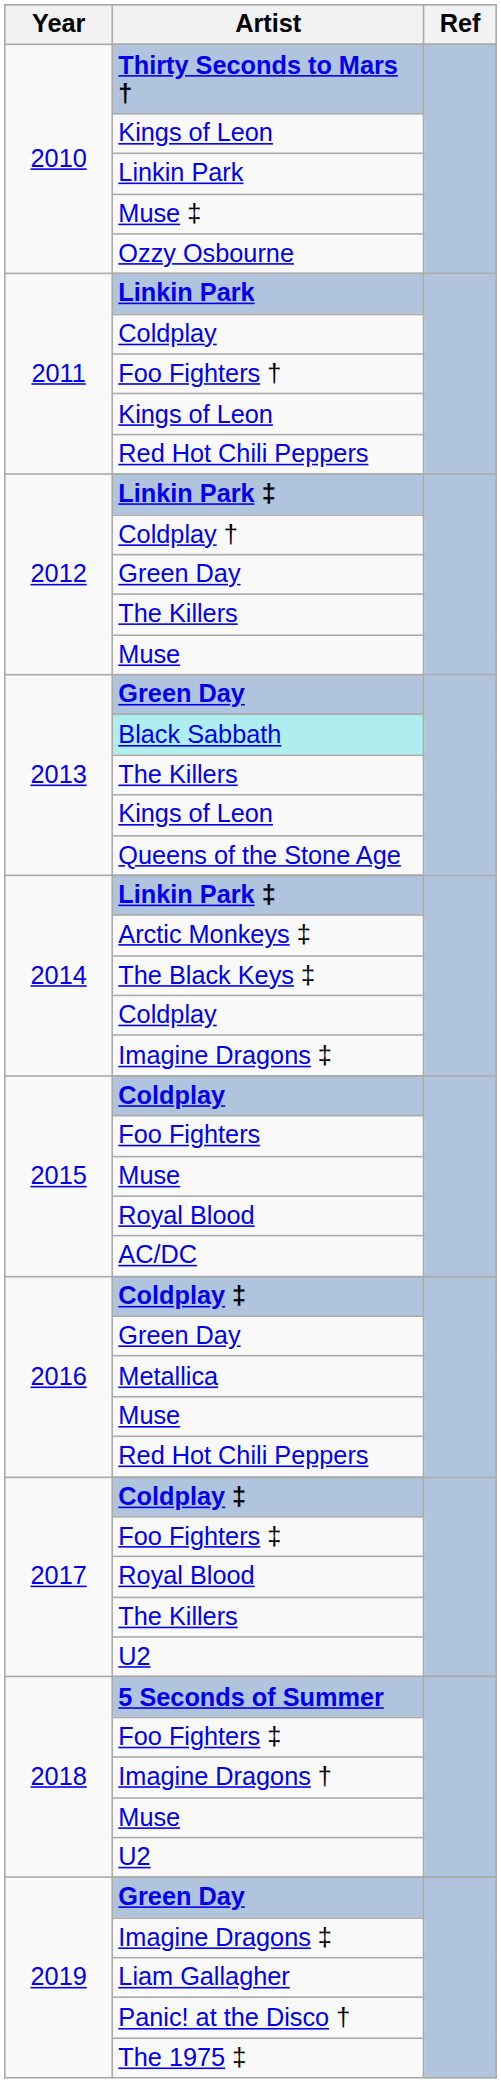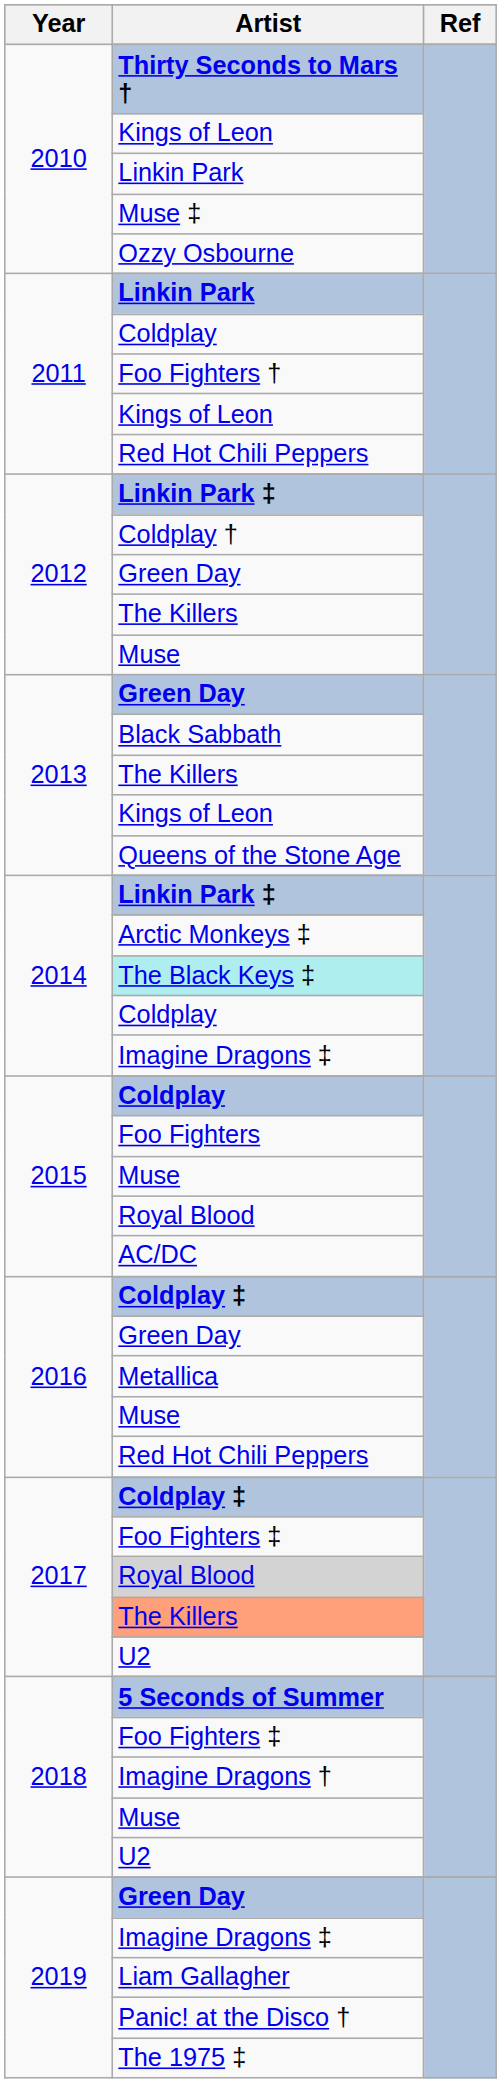 <table class="wikitable" style="width:50%">
 <tr style="background:#bebebe;">
 <th style="width:10%;">Year</th>
 <th style="width:35%;">Artist</th>
 <th style="width:5%;">Ref</th>
 </tr>
 <tr>
 <td rowspan="6" align="center"><a href='#'>2010</a></td>
 </tr>
 <tr style="background:#B0C4DE">
 <td><strong><a href='#'>Thirty Seconds to Mars</a> †</strong></td>
 <td rowspan="6" align="center"></td>
 </tr>
 <tr>
 <td><a href='#'>Kings of Leon</a></td>
 </tr>
 <tr>
 <td><a href='#'>Linkin Park</a></td>
 </tr>
 <tr>
 <td><a href='#'>Muse</a> ‡</td>
 </tr>
 <tr>
 <td><a href='#'>Ozzy Osbourne</a></td>
 </tr>
 <tr>
 <td rowspan="6" align="center"><a href='#'>2011</a></td>
 </tr>
 <tr style="background:#B0C4DE">
 <td><strong><a href='#'>Linkin Park</a></strong></td>
 <td rowspan="6" align="center"></td>
 </tr>
 <tr>
 <td><a href='#'>Coldplay</a></td>
 </tr>
 <tr>
 <td><a href='#'>Foo Fighters</a> †</td>
 </tr>
 <tr>
 <td><a href='#'>Kings of Leon</a></td>
 </tr>
 <tr>
 <td><a href='#'>Red Hot Chili Peppers</a></td>
 </tr>
 <tr>
 <td rowspan="6" align="center"><a href='#'>2012</a></td>
 </tr>
 <tr style="background:#B0C4DE">
 <td><strong><a href='#'>Linkin Park</a> ‡</strong></td>
 <td rowspan="6" align="center"></td>
 </tr>
 <tr>
 <td><a href='#'>Coldplay</a> †</td>
 </tr>
 <tr>
 <td><a href='#'>Green Day</a></td>
 </tr>
 <tr>
 <td><a href='#'>The Killers</a></td>
 </tr>
 <tr>
 <td><a href='#'>Muse</a></td>
 </tr>
 <tr>
 <td rowspan="6" align="center"><a href='#'>2013</a></td>
 </tr>
 <tr style="background:#B0C4DE">
 <td><strong><a href='#'>Green Day</a></strong></td>
 <td rowspan="6" align="center"></td>
 </tr>
 <tr>
-<td style="background: paleturquoise;"><a href='#'>Black Sabbath</a></td>
+<td><a href='#'>Black Sabbath</a></td>
 </tr>
 <tr>
 <td><a href='#'>The Killers</a></td>
 </tr>
 <tr>
 <td><a href='#'>Kings of Leon</a></td>
 </tr>
 <tr>
 <td><a href='#'>Queens of the Stone Age</a></td>
 </tr>
 <tr>
 <td rowspan="6" align="center"><a href='#'>2014</a></td>
 </tr>
 <tr style="background:#B0C4DE">
 <td><strong><a href='#'>Linkin Park</a> ‡</strong></td>
 <td rowspan="6" align="center"></td>
 </tr>
 <tr>
 <td><a href='#'>Arctic Monkeys</a> ‡</td>
 </tr>
 <tr>
-<td><a href='#'>The Black Keys</a> ‡</td>
+<td style="background: paleturquoise;"><a href='#'>The Black Keys</a> ‡</td>
 </tr>
 <tr>
 <td><a href='#'>Coldplay</a></td>
 </tr>
 <tr>
 <td><a href='#'>Imagine Dragons</a> ‡</td>
 </tr>
 <tr>
 <td rowspan="6" align="center"><a href='#'>2015</a></td>
 </tr>
 <tr style="background:#B0C4DE">
 <td><strong><a href='#'>Coldplay</a></strong></td>
 <td rowspan="5" align="center"></td>
 </tr>
 <tr>
 <td><a href='#'>Foo Fighters</a></td>
 </tr>
 <tr>
 <td><a href='#'>Muse</a></td>
 </tr>
 <tr>
 <td><a href='#'>Royal Blood</a></td>
 </tr>
 <tr>
 <td><a href='#'>AC/DC</a></td>
 </tr>
 <tr>
 <td rowspan="6" align="center"><a href='#'>2016</a></td>
 </tr>
 <tr style="background:#B0C4DE">
 <td><strong><a href='#'>Coldplay</a> ‡</strong></td>
 <td rowspan="6" align="center"></td>
 </tr>
 <tr>
 <td><a href='#'>Green Day</a></td>
 </tr>
 <tr>
 <td><a href='#'>Metallica</a></td>
 </tr>
 <tr>
 <td><a href='#'>Muse</a></td>
 </tr>
 <tr>
 <td><a href='#'>Red Hot Chili Peppers</a></td>
 </tr>
 <tr>
 <td rowspan="6" align="center"><a href='#'>2017</a></td>
 </tr>
 <tr style="background:#B0C4DE">
 <td><strong><a href='#'>Coldplay</a> ‡</strong></td>
 <td rowspan="5" align="center"></td>
 </tr>
 <tr>
 <td><a href='#'>Foo Fighters</a> ‡</td>
 </tr>
 <tr>
-<td><a href='#'>Royal Blood</a></td>
+<td style="background: lightgrey;"><a href='#'>Royal Blood</a></td>
 </tr>
 <tr>
-<td><a href='#'>The Killers</a></td>
+<td style="background: lightsalmon;"><a href='#'>The Killers</a></td>
 </tr>
 <tr>
 <td><a href='#'>U2</a></td>
 </tr>
 <tr>
 <td rowspan="6" align="center"><a href='#'>2018</a></td>
 </tr>
 <tr style="background:#B0C4DE">
 <td><strong><a href='#'>5 Seconds of Summer</a></strong></td>
 <td rowspan="5" align="center"></td>
 </tr>
 <tr>
 <td><a href='#'>Foo Fighters</a> ‡</td>
 </tr>
 <tr>
 <td><a href='#'>Imagine Dragons</a> †</td>
 </tr>
 <tr>
 <td><a href='#'>Muse</a></td>
 </tr>
 <tr>
 <td><a href='#'>U2</a></td>
 </tr>
 <tr>
 <td rowspan="6" align="center"><a href='#'>2019</a></td>
 </tr>
 <tr style="background:#B0C4DE">
 <td><strong><a href='#'>Green Day</a></strong></td>
 <td rowspan="5" align="center"></td>
 </tr>
 <tr>
 <td><a href='#'>Imagine Dragons</a> ‡</td>
 </tr>
 <tr>
 <td><a href='#'>Liam Gallagher</a></td>
 </tr>
 <tr>
 <td><a href='#'>Panic! at the Disco</a> †</td>
 </tr>
 <tr>
 <td><a href='#'>The 1975</a> ‡</td>
 </tr>
 </table>
